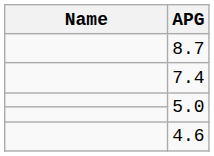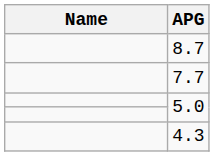 <table class=wikitable>
 <tr>
 <th>Name</th>
 <th width="20%">APG</th>
 </tr>
 <tr>
 <td></td>
 <td align=center>8.7</td>
 </tr>
 <tr>
 <td></td>
-<td align=center>7.4</td>
+<td align=center>7.7</td>
 </tr>
 <tr>
 <td></td>
 <td align=center rowspan=2>5.0</td>
 </tr>
 <tr>
 <td></td>
 </tr>
 <tr>
 <td></td>
-<td align=center>4.6</td>
+<td align=center>4.3</td>
 </tr>
 </table>
